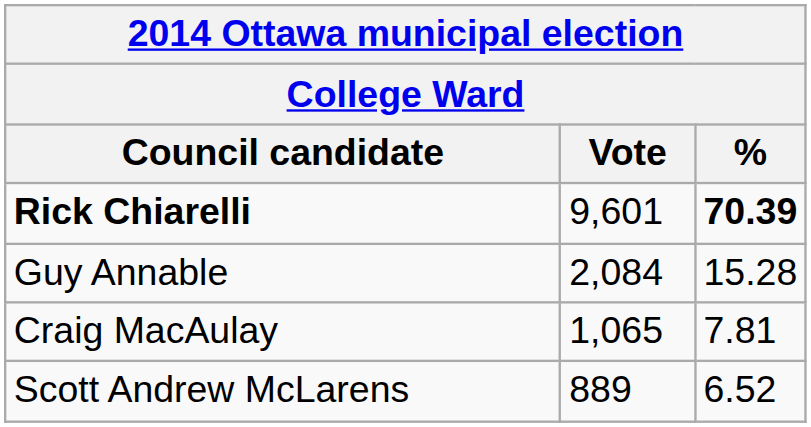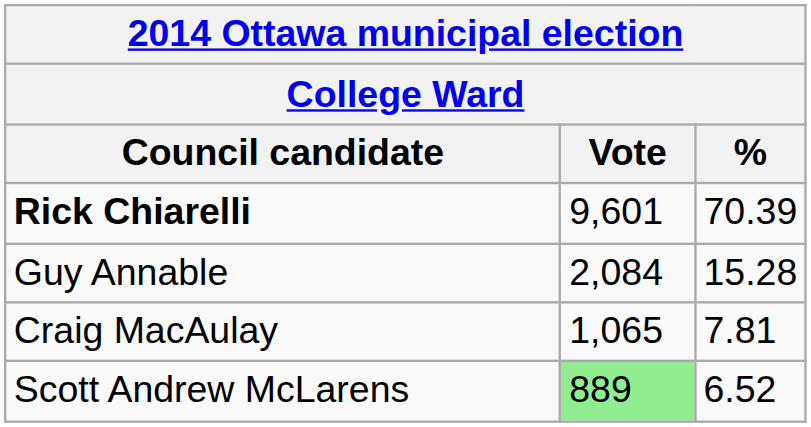 <table class="wikitable">
 <tr>
 <th colspan=3><a href='#'>2014 Ottawa municipal election</a></th>
 </tr>
 <tr>
 <th colspan="3"><a href='#'>College Ward</a></th>
 </tr>
 <tr>
 <th bgcolor="#DDDDFF" width="230px">Council candidate</th>
 <th bgcolor="#DDDDFF" width="50px">Vote</th>
 <th bgcolor="#DDDDFF" width="30px">%</th>
 </tr>
 <tr>
 <td><strong>Rick Chiarelli</strong></td>
 <td>9,601</td>
-<td><strong>70.39</strong></td>
+<td>70.39</td>
 </tr>
 <tr>
 <td>Guy Annable</td>
 <td>2,084</td>
 <td>15.28</td>
 </tr>
 <tr>
 <td>Craig MacAulay</td>
 <td>1,065</td>
 <td>7.81</td>
 </tr>
 <tr>
 <td>Scott Andrew McLarens</td>
-<td>889</td>
+<td style="background: lightgreen;">889</td>
 <td>6.52</td>
 </tr>
 </table>
